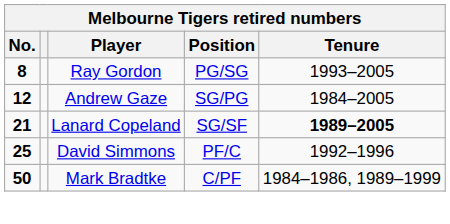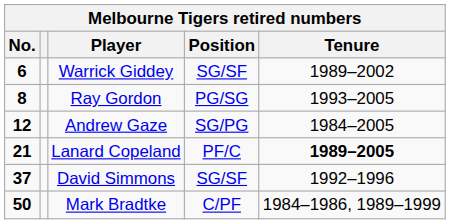 <table class="wikitable" style="text-align:center; font-size:95%;">
 <tr>
 <th colspan="5">Melbourne Tigers retired numbers</th>
 </tr>
 <tr>
 <th>No.</th>
 <th></th>
 <th>Player</th>
 <th>Position</th>
 <th>Tenure</th>
+</tr>
+<tr>
+<td><strong>6</strong></td>
+<td></td>
+<td><a href='#'>Warrick Giddey</a></td>
+<td><a href='#'>SG/SF</a></td>
+<td>1989–2002</td>
 </tr>
 <tr>
 <td><strong>8</strong></td>
 <td></td>
 <td><a href='#'>Ray Gordon</a></td>
 <td><a href='#'>PG/SG</a></td>
 <td>1993–2005</td>
 </tr>
 <tr>
 <td><strong>12</strong></td>
 <td></td>
 <td><a href='#'>Andrew Gaze</a></td>
 <td><a href='#'>SG/PG</a></td>
 <td>1984–2005</td>
 </tr>
 <tr>
 <td><strong>21</strong></td>
 <td></td>
 <td><a href='#'>Lanard Copeland</a></td>
-<td><a href='#'>SG/SF</a></td>
+<td><a href='#'>PF/C</a></td>
 <td><strong>1989–2005</strong></td>
 </tr>
 <tr>
-<td><strong>25</strong></td>
+<td><strong>37</strong></td>
 <td></td>
 <td><a href='#'>David Simmons</a></td>
-<td><a href='#'>PF/C</a></td>
+<td><a href='#'>SG/SF</a></td>
 <td>1992–1996</td>
 </tr>
 <tr>
 <td><strong>50</strong></td>
 <td></td>
 <td><a href='#'>Mark Bradtke</a></td>
 <td><a href='#'>C/PF</a></td>
 <td>1984–1986, 1989–1999</td>
 </tr>
 </table>
